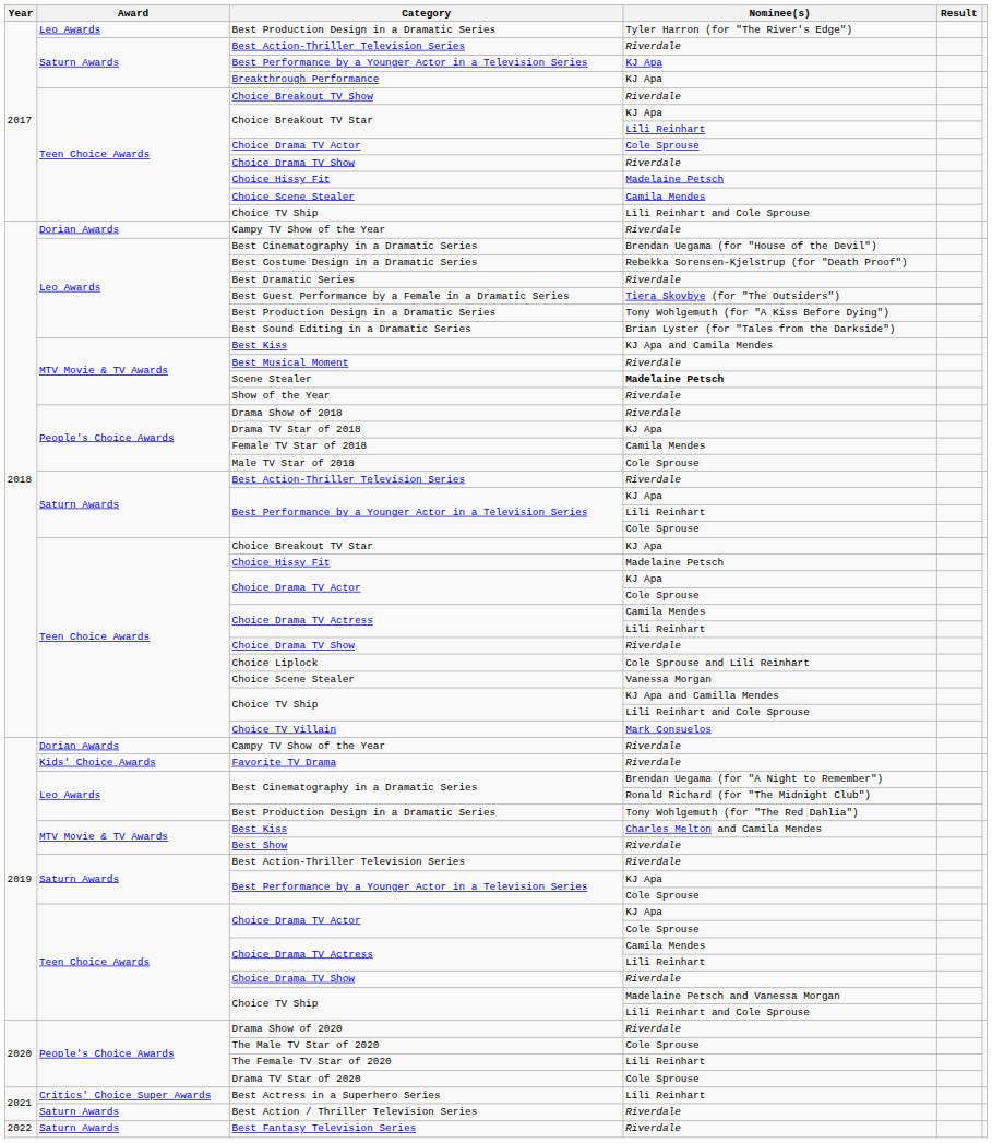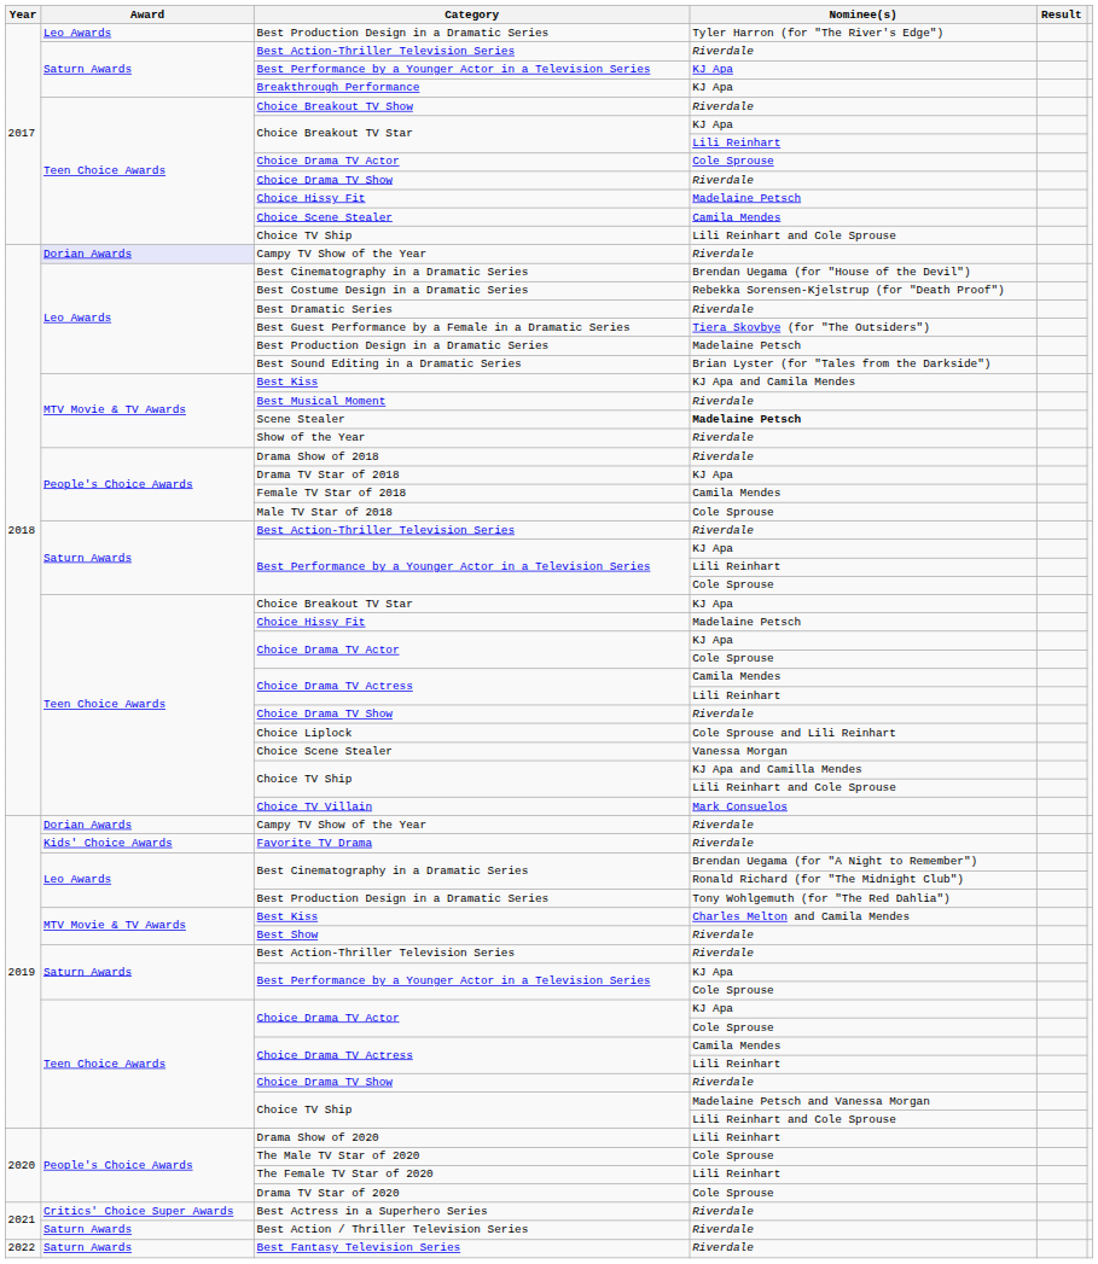 <table class="wikitable sortable plainrowheaders" style="width:99%">
 <tr>
 <th>Year</th>
 <th>Award</th>
 <th>Category</th>
 <th>Nominee(s)</th>
 <th>Result</th>
 <th scope="col" class="unsortable"></th>
 </tr>
 <tr>
 <td rowspan="12">2017</td>
 <td><a href='#'>Leo Awards</a></td>
 <td>Best Production Design in a Dramatic Series</td>
 <td data-sort-value="Harron, Tyler">Tyler Harron (for "The River's Edge")</td>
 <td></td>
 <td></td>
 </tr>
 <tr>
 <td rowspan="3"><a href='#'>Saturn Awards</a></td>
 <td><a href='#'>Best Action-Thriller Television Series</a></td>
 <td><em>Riverdale</em></td>
 <td></td>
 <td rowspan="2"></td>
 </tr>
 <tr>
 <td><a href='#'>Best Performance by a Younger Actor in a Television Series</a></td>
 <td data-sort-value="Apa, KJ"><a href='#'>KJ Apa</a></td>
 <td></td>
 </tr>
 <tr>
 <td><a href='#'>Breakthrough Performance</a></td>
 <td data-sort-value="Apa, KJ">KJ Apa</td>
 <td></td>
 <td></td>
 </tr>
 <tr>
 <td rowspan="8"><a href='#'>Teen Choice Awards</a></td>
 <td><a href='#'>Choice Breakout TV Show</a></td>
 <td><em>Riverdale</em></td>
 <td></td>
 <td rowspan="8"></td>
 </tr>
 <tr>
 <td rowspan="2">Choice Breakout TV Star</td>
 <td data-sort-value="Apa, KJ">KJ Apa</td>
 <td></td>
 </tr>
 <tr>
 <td data-sort-value="Reinhart, Lili"><a href='#'>Lili Reinhart</a></td>
 <td></td>
 </tr>
 <tr>
 <td><a href='#'>Choice Drama TV Actor</a></td>
 <td data-sort-value="Sprouse, Cole"><a href='#'>Cole Sprouse</a></td>
 <td></td>
 </tr>
 <tr>
 <td><a href='#'>Choice Drama TV Show</a></td>
 <td><em>Riverdale</em></td>
 <td></td>
 </tr>
 <tr>
 <td><a href='#'>Choice Hissy Fit</a></td>
 <td data-sort-value="Petsch, Madelaine"><a href='#'>Madelaine Petsch</a></td>
 <td></td>
 </tr>
 <tr>
 <td><a href='#'>Choice Scene Stealer</a></td>
 <td data-sort-value="Mendes, Camila"><a href='#'>Camila Mendes</a></td>
 <td></td>
 </tr>
 <tr>
 <td>Choice TV Ship</td>
 <td data-sort-value="Reinhart, Lili and Cole Sprouse">Lili Reinhart and Cole Sprouse</td>
 <td></td>
 </tr>
 <tr>
 <td rowspan="31">2018</td>
-<td><a href='#'>Dorian Awards</a></td>
+<td style="background: lavender;"><a href='#'>Dorian Awards</a></td>
 <td>Campy TV Show of the Year</td>
 <td><em>Riverdale</em></td>
 <td></td>
 <td></td>
 </tr>
 <tr>
 <td rowspan="6"><a href='#'>Leo Awards</a></td>
 <td>Best Cinematography in a Dramatic Series</td>
 <td data-sort-value="Uegama, Brendan">Brendan Uegama (for "House of the Devil")</td>
 <td></td>
 <td rowspan="6"></td>
 </tr>
 <tr>
 <td>Best Costume Design in a Dramatic Series</td>
 <td data-sort-value="Sorensen-Kjelstrup, Rebekka">Rebekka Sorensen-Kjelstrup (for "Death Proof")</td>
 <td></td>
 </tr>
 <tr>
 <td>Best Dramatic Series</td>
 <td><em>Riverdale</em></td>
 <td></td>
 </tr>
 <tr>
 <td>Best Guest Performance by a Female in a Dramatic Series</td>
 <td data-sort-value="Skovbye, Tiera"><a href='#'>Tiera Skovbye</a> (for "The Outsiders")</td>
 <td></td>
 </tr>
 <tr>
 <td>Best Production Design in a Dramatic Series</td>
-<td data-sort-value="Wohlgemuth, Tony">Tony Wohlgemuth (for "A Kiss Before Dying")</td>
+<td data-sort-value="Petsch, Madelaine">Madelaine Petsch</td>
 <td></td>
 </tr>
 <tr>
 <td>Best Sound Editing in a Dramatic Series</td>
 <td data-sort-value="Lyster, Brian">Brian Lyster (for "Tales from the Darkside")</td>
 <td></td>
 </tr>
 <tr>
 <td rowspan="4"><a href='#'>MTV Movie & TV Awards</a></td>
 <td><a href='#'>Best Kiss</a></td>
 <td data-sort-value="Apa, KJ and Camila Mendes">KJ Apa and Camila Mendes</td>
 <td></td>
 <td rowspan="4"></td>
 </tr>
 <tr>
 <td><a href='#'>Best Musical Moment</a></td>
 <td><em>Riverdale</em></td>
 <td></td>
 </tr>
 <tr>
 <td>Scene Stealer</td>
 <td data-sort-value="Petsch, Madelaine"><strong>Madelaine Petsch</strong></td>
 <td></td>
 </tr>
 <tr>
 <td>Show of the Year</td>
 <td><em>Riverdale</em></td>
 <td></td>
 </tr>
 <tr>
 <td rowspan="4"><a href='#'>People's Choice Awards</a></td>
 <td>Drama Show of 2018</td>
 <td><em>Riverdale</em></td>
 <td></td>
 <td rowspan="4"></td>
 </tr>
 <tr>
 <td>Drama TV Star of 2018</td>
 <td data-sort-value="Apa, KJ">KJ Apa</td>
 <td></td>
 </tr>
 <tr>
 <td>Female TV Star of 2018</td>
 <td data-sort-value="Mendes, Camila">Camila Mendes</td>
 <td></td>
 </tr>
 <tr>
 <td>Male TV Star of 2018</td>
 <td data-sort-value="Sprouse, Cole">Cole Sprouse</td>
 <td></td>
 </tr>
 <tr>
 <td rowspan="4"><a href='#'>Saturn Awards</a></td>
 <td><a href='#'>Best Action-Thriller Television Series</a></td>
 <td><em>Riverdale</em></td>
 <td></td>
 <td rowspan="4"></td>
 </tr>
 <tr>
 <td rowspan="3"><a href='#'>Best Performance by a Younger Actor in a Television Series</a></td>
 <td data-sort-value="Apa, KJ">KJ Apa</td>
 <td></td>
 </tr>
 <tr>
 <td data-sort-value="Reinhart, Lili">Lili Reinhart</td>
 <td></td>
 </tr>
 <tr>
 <td data-sort-value="Sprouse, Cole">Cole Sprouse</td>
 <td></td>
 </tr>
 <tr>
 <td rowspan="12"><a href='#'>Teen Choice Awards</a></td>
 <td>Choice Breakout TV Star</td>
 <td data-sort-value="Apa, KJ">KJ Apa</td>
 <td></td>
 <td rowspan="12"></td>
 </tr>
 <tr>
 <td><a href='#'>Choice Hissy Fit</a></td>
 <td data-sort-value="Petsch, Madelaine">Madelaine Petsch</td>
 <td></td>
 </tr>
 <tr>
 <td rowspan="2"><a href='#'>Choice Drama TV Actor</a></td>
 <td data-sort-value="Apa, KJ">KJ Apa</td>
 <td></td>
 </tr>
 <tr>
 <td data-sort-value="Sprouse, Cole">Cole Sprouse</td>
 <td></td>
 </tr>
 <tr>
 <td rowspan="2"><a href='#'>Choice Drama TV Actress</a></td>
 <td data-sort-value="Mendes, Camila">Camila Mendes</td>
 <td></td>
 </tr>
 <tr>
 <td data-sort-value="Reinhart, Lili">Lili Reinhart</td>
 <td></td>
 </tr>
 <tr>
 <td><a href='#'>Choice Drama TV Show</a></td>
 <td><em>Riverdale</em></td>
 <td></td>
 </tr>
 <tr>
 <td>Choice Liplock</td>
 <td data-sort-value="Sprouse, Cole and Lili Reinhart">Cole Sprouse and Lili Reinhart</td>
 <td></td>
 </tr>
 <tr>
 <td>Choice Scene Stealer</td>
 <td data-sort-value="Morgan, Vanessa">Vanessa Morgan</td>
 <td></td>
 </tr>
 <tr>
 <td rowspan="2">Choice TV Ship</td>
 <td data-sort-value="Apa, KJ and Camila Mendes">KJ Apa and Camilla Mendes</td>
 <td></td>
 </tr>
 <tr>
 <td data-sort-value="Reinhart, Lili and Cole Sprouse">Lili Reinhart and Cole Sprouse</td>
 <td></td>
 </tr>
 <tr>
 <td><a href='#'>Choice TV Villain</a></td>
 <td data-sort-value="Consuelos, Mark"><a href='#'>Mark Consuelos</a></td>
 <td></td>
 </tr>
 <tr>
 <td rowspan="17">2019</td>
 <td><a href='#'>Dorian Awards</a></td>
 <td>Campy TV Show of the Year</td>
 <td><em>Riverdale</em></td>
 <td></td>
 <td></td>
 </tr>
 <tr>
 <td><a href='#'>Kids' Choice Awards</a></td>
 <td><a href='#'>Favorite TV Drama</a></td>
 <td><em>Riverdale</em></td>
 <td></td>
 <td></td>
 </tr>
 <tr>
 <td rowspan="3"><a href='#'>Leo Awards</a></td>
 <td rowspan="2">Best Cinematography in a Dramatic Series</td>
 <td data-sort-value="Uegama, Brendan">Brendan Uegama (for "A Night to Remember")</td>
 <td></td>
 <td rowspan="3"></td>
 </tr>
 <tr>
 <td data-sort-value="Richard, Ronald">Ronald Richard (for "The Midnight Club")</td>
 <td></td>
 </tr>
 <tr>
 <td>Best Production Design in a Dramatic Series</td>
 <td data-sort-value="Wohlgemuth, Tony">Tony Wohlgemuth (for "The Red Dahlia")</td>
 <td></td>
 </tr>
 <tr>
 <td rowspan="2"><a href='#'>MTV Movie & TV Awards</a></td>
 <td><a href='#'>Best Kiss</a></td>
 <td data-sort-value="Melton, Charles and Camila Mendes"><a href='#'>Charles Melton</a> and Camila Mendes</td>
 <td></td>
 <td rowspan="2"></td>
 </tr>
 <tr>
 <td><a href='#'>Best Show</a></td>
 <td><em>Riverdale</em></td>
 <td></td>
 </tr>
 <tr>
 <td rowspan="3"><a href='#'>Saturn Awards</a></td>
 <td>Best Action-Thriller Television Series</td>
 <td><em>Riverdale</em></td>
 <td></td>
 <td rowspan="3"></td>
 </tr>
 <tr>
 <td rowspan="2"><a href='#'>Best Performance by a Younger Actor in a Television Series</a></td>
 <td>KJ Apa</td>
 <td></td>
 </tr>
 <tr>
 <td>Cole Sprouse</td>
 <td></td>
 </tr>
 <tr>
 <td rowspan="7"><a href='#'>Teen Choice Awards</a></td>
 <td rowspan="2"><a href='#'>Choice Drama TV Actor</a></td>
 <td data-sort-value="Apa, KJ">KJ Apa</td>
 <td></td>
 <td rowspan="7"></td>
 </tr>
 <tr>
 <td data-sort-value="Sprouse, Cole">Cole Sprouse</td>
 <td></td>
 </tr>
 <tr>
 <td rowspan="2"><a href='#'>Choice Drama TV Actress</a></td>
 <td data-sort-value="Mendes, Camila">Camila Mendes</td>
 <td></td>
 </tr>
 <tr>
 <td data-sort-value="Reinhart, Lili">Lili Reinhart</td>
 <td></td>
 </tr>
 <tr>
 <td><a href='#'>Choice Drama TV Show</a></td>
 <td><em>Riverdale</em></td>
 <td></td>
 </tr>
 <tr>
 <td rowspan="2">Choice TV Ship</td>
 <td data-sort-value="Apa, KJ and Camila Mendes">Madelaine Petsch and Vanessa Morgan</td>
 <td></td>
 </tr>
 <tr>
 <td data-sort-value="Reinhart, Lili and Cole Sprouse">Lili Reinhart and Cole Sprouse</td>
 <td></td>
 </tr>
 <tr>
 <td rowspan="4">2020</td>
 <td rowspan="4"><a href='#'>People's Choice Awards</a></td>
 <td>Drama Show of 2020</td>
-<td><em>Riverdale</em></td>
+<td data-sort-value="Reinhart, Lili">Lili Reinhart</td>
 <td></td>
 <td rowspan="4"></td>
 </tr>
 <tr>
 <td>The Male TV Star of 2020</td>
 <td data-sort-value="Sprouse, Cole">Cole Sprouse</td>
 <td></td>
 </tr>
 <tr>
 <td>The Female TV Star of 2020</td>
 <td data-sort-value="Reinhart, Lili">Lili Reinhart</td>
 <td></td>
 </tr>
 <tr>
 <td>Drama TV Star of 2020</td>
 <td data-sort-value="Sprouse, Cole">Cole Sprouse</td>
 <td></td>
 </tr>
 <tr>
 <td rowspan="2">2021</td>
 <td><a href='#'>Critics' Choice Super Awards</a></td>
 <td>Best Actress in a Superhero Series</td>
-<td data-sort-value="Reinhart, Lili">Lili Reinhart</td>
+<td><em>Riverdale</em></td>
 <td></td>
 <td></td>
 </tr>
 <tr>
 <td><a href='#'>Saturn Awards</a></td>
 <td>Best Action / Thriller Television Series</td>
 <td><em>Riverdale</em></td>
 <td></td>
 <td></td>
 </tr>
 <tr>
 <td>2022</td>
 <td><a href='#'>Saturn Awards</a></td>
 <td><a href='#'>Best Fantasy Television Series</a></td>
 <td><em>Riverdale</em></td>
 <td></td>
 <td></td>
 </tr>
 </table>
